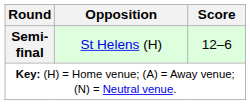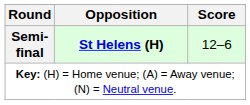 <table class="wikitable plainrowheaders" style="text-align:center;margin-left:1em;">
 <tr>
 <th width="25">Round</th>
 <th width="150">Opposition</th>
 <th width="60">Score</th>
 </tr>
 <tr>
 <th scope=row style="text-align:center">Semi-final</th>
-<td bgcolor=ddffdd> <a href='#'>St Helens</a> (H)</td>
+<td bgcolor=ddffdd><strong> <a href='#'>St Helens</a> (H)</strong></td>
 <td bgcolor=ddffdd>12–6</td>
 </tr>
 <tr>
 <td colspan="3" style="background-color:white;"><small><strong>Key:</strong> (H) = Home venue; (A) = Away venue; (N) = <a href='#'>Neutral venue</a>.</small></td>
 </tr>
 </table>
